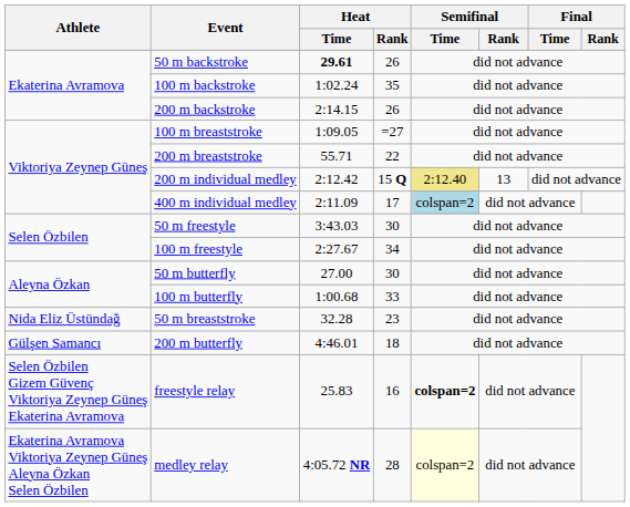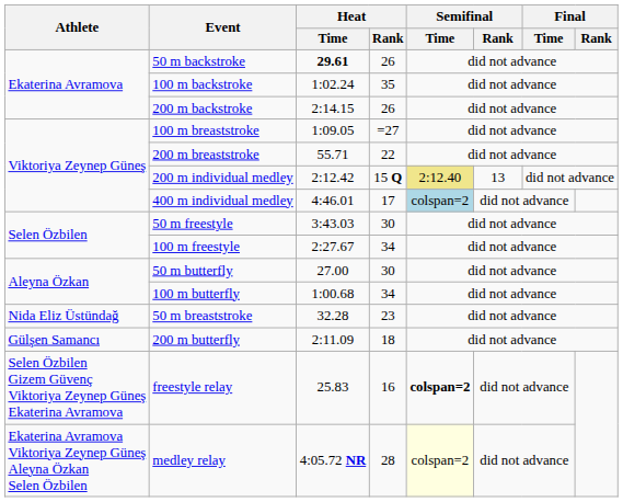 <table class="wikitable" style="text-align:center; font-size:90%">
 <tr>
 <th rowspan="2">Athlete</th>
 <th rowspan="2">Event</th>
 <th colspan="2">Heat</th>
 <th colspan="2">Semifinal</th>
 <th colspan="2">Final</th>
 </tr>
 <tr style="font-size:95%">
 <th>Time</th>
 <th>Rank</th>
 <th>Time</th>
 <th>Rank</th>
 <th>Time</th>
 <th>Rank</th>
 </tr>
 <tr>
 <td align=left rowspan=3><a href='#'>Ekaterina Avramova</a></td>
 <td align=left><a href='#'>50 m backstroke</a></td>
 <td><strong>29.61</strong></td>
 <td>26</td>
 <td colspan=4>did not advance</td>
 </tr>
 <tr>
 <td align=left><a href='#'>100 m backstroke</a></td>
 <td>1:02.24</td>
 <td>35</td>
 <td colspan=4>did not advance</td>
 </tr>
 <tr>
 <td align=left><a href='#'>200 m backstroke</a></td>
 <td>2:14.15</td>
 <td>26</td>
 <td colspan=4>did not advance</td>
 </tr>
 <tr>
 <td align=left rowspan=4><a href='#'>Viktoriya Zeynep Güneş</a></td>
 <td align=left><a href='#'>100 m breaststroke</a></td>
 <td>1:09.05</td>
 <td>=27</td>
 <td colspan=4>did not advance</td>
 </tr>
 <tr>
 <td align=left><a href='#'>200 m breaststroke</a></td>
 <td>55.71</td>
 <td>22</td>
 <td colspan=4>did not advance</td>
 </tr>
 <tr>
 <td align=left><a href='#'>200 m individual medley</a></td>
 <td>2:12.42</td>
 <td>15 <strong>Q</strong></td>
 <td style="background: khaki;">2:12.40</td>
 <td>13</td>
 <td colspan=2>did not advance</td>
 </tr>
 <tr>
 <td align=left><a href='#'>400 m individual medley</a></td>
-<td>2:11.09</td>
+<td>4:46.01</td>
 <td>17</td>
 <td style="background: lightblue;">colspan=2 </td>
 <td colspan=2>did not advance</td>
 </tr>
 <tr>
 <td align=left rowspan=2><a href='#'>Selen Özbilen</a></td>
 <td align=left><a href='#'>50 m freestyle</a></td>
 <td>3:43.03</td>
 <td>30</td>
 <td colspan=4>did not advance</td>
 </tr>
 <tr>
 <td align=left><a href='#'>100 m freestyle</a></td>
 <td>2:27.67</td>
 <td>34</td>
 <td colspan=4>did not advance</td>
 </tr>
 <tr>
 <td align=left rowspan=2><a href='#'>Aleyna Özkan</a></td>
 <td align=left><a href='#'>50 m butterfly</a></td>
 <td>27.00</td>
 <td>30</td>
 <td colspan=4>did not advance</td>
 </tr>
 <tr>
 <td align=left><a href='#'>100 m butterfly</a></td>
 <td>1:00.68</td>
-<td>33</td>
+<td>34</td>
 <td colspan=4>did not advance</td>
 </tr>
 <tr>
 <td align=left><a href='#'>Nida Eliz Üstündağ</a></td>
 <td align=left><a href='#'>50 m breaststroke</a></td>
 <td>32.28</td>
 <td>23</td>
 <td colspan=4>did not advance</td>
 </tr>
 <tr>
 <td align=left><a href='#'>Gülşen Samancı</a></td>
 <td align=left><a href='#'>200 m butterfly</a></td>
-<td>4:46.01</td>
+<td>2:11.09</td>
 <td>18</td>
 <td colspan=4>did not advance</td>
 </tr>
 <tr>
 <td align=left><a href='#'>Selen Özbilen</a><br><a href='#'>Gizem Güvenç</a><br><a href='#'>Viktoriya Zeynep Güneş</a><br><a href='#'>Ekaterina Avramova</a></td>
 <td align=left><a href='#'> freestyle relay</a></td>
 <td>25.83</td>
 <td>16</td>
 <td><strong>colspan=2 </strong></td>
 <td colspan=2>did not advance</td>
 </tr>
 <tr>
 <td align=left><a href='#'>Ekaterina Avramova</a><br><a href='#'>Viktoriya Zeynep Güneş</a><br><a href='#'>Aleyna Özkan</a><br><a href='#'>Selen Özbilen</a></td>
 <td align=left><a href='#'> medley relay</a></td>
 <td>4:05.72 <strong><a href='#'>NR</a></strong></td>
 <td>28</td>
 <td style="background: lightyellow;">colspan=2 </td>
 <td colspan=2>did not advance</td>
 </tr>
 </table>
